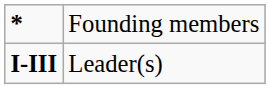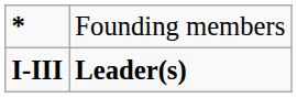 <table class="wikitable">
 <tr>
 <td><strong>*</strong></td>
 <td>Founding members</td>
 </tr>
 <tr>
 <td><strong>I-III</strong></td>
-<td>Leader(s)</td>
+<td><strong>Leader(s)</strong></td>
 </tr>
 </table>
